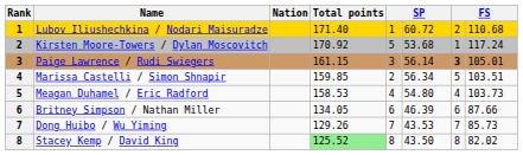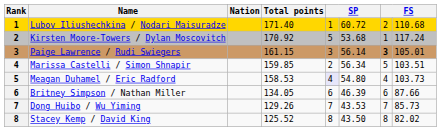 <table class="wikitable sortable">
 <tr>
 <th>Rank</th>
 <th>Name</th>
 <th>Nation</th>
 <th>Total points</th>
 <th colspan="2" width="80px"><a href='#'>SP</a></th>
 <th colspan="2" width="80px"><a href='#'>FS</a></th>
 </tr>
 <tr bgcolor="gold">
 <td align="center"><strong>1</strong></td>
 <td><a href='#'>Lubov Iliushechkina</a> / <a href='#'>Nodari Maisuradze</a></td>
 <td></td>
 <td>171.40</td>
 <td>1</td>
 <td>60.72</td>
 <td>2</td>
 <td>110.68</td>
 </tr>
 <tr bgcolor="silver">
 <td align="center"><strong>2</strong></td>
 <td><a href='#'>Kirsten Moore-Towers</a> / <a href='#'>Dylan Moscovitch</a></td>
 <td></td>
 <td>170.92</td>
 <td>5</td>
 <td>53.68</td>
 <td>1</td>
 <td>117.24</td>
 </tr>
 <tr bgcolor="cc9966">
 <td align="center"><strong>3</strong></td>
 <td><a href='#'>Paige Lawrence</a> / <a href='#'>Rudi Swiegers</a></td>
 <td></td>
 <td>161.15</td>
 <td>3</td>
 <td>56.14</td>
 <td><strong>3</strong></td>
 <td>105.01</td>
 </tr>
 <tr>
 <th>4</th>
 <td><a href='#'>Marissa Castelli</a> / <a href='#'>Simon Shnapir</a></td>
 <td></td>
 <td>159.85</td>
 <td>2</td>
 <td>56.34</td>
 <td>5</td>
 <td>103.51</td>
 </tr>
 <tr>
 <th>5</th>
 <td><a href='#'>Meagan Duhamel</a> / <a href='#'>Eric Radford</a></td>
 <td></td>
 <td>158.53</td>
-<td>4</td>
+<td style="background: lavender;">4</td>
 <td>54.80</td>
 <td>4</td>
 <td>103.73</td>
 </tr>
 <tr>
 <th>6</th>
 <td><a href='#'>Britney Simpson</a> / Nathan Miller</td>
 <td></td>
 <td>134.05</td>
 <td>6</td>
 <td>46.39</td>
 <td>6</td>
 <td>87.66</td>
 </tr>
 <tr>
 <th>7</th>
 <td><a href='#'>Dong Huibo</a> / <a href='#'>Wu Yiming</a></td>
 <td></td>
 <td>129.26</td>
 <td>7</td>
 <td>43.53</td>
 <td>7</td>
 <td>85.73</td>
 </tr>
 <tr>
 <th>8</th>
 <td><a href='#'>Stacey Kemp</a> / <a href='#'>David King</a></td>
 <td></td>
-<td style="background: lightgreen;">125.52</td>
+<td>125.52</td>
 <td>8</td>
 <td>43.50</td>
 <td>8</td>
 <td>82.02</td>
 </tr>
 </table>
